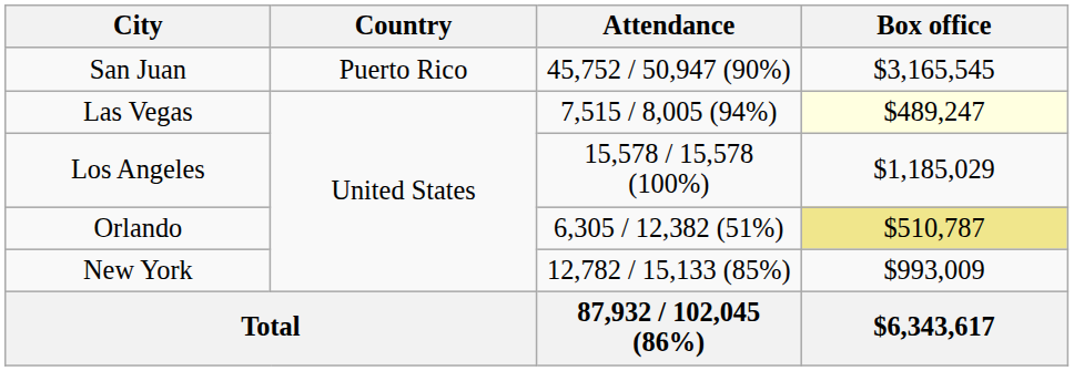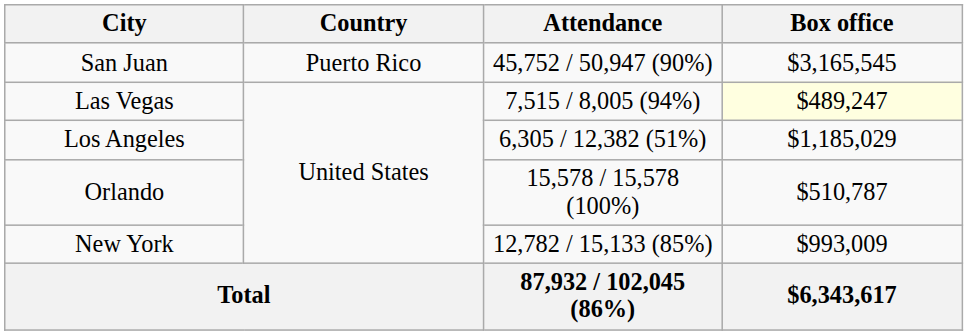 <table class="wikitable" style="text-align:center;">
 <tr>
 <th rowspan="" width="150">City</th>
 <th rowspan="" width="150">Country</th>
 <th colspan="" width="150">Attendance</th>
 <th colspan="" width="150">Box office</th>
 </tr>
 <tr>
 <td>San Juan</td>
 <td>Puerto Rico</td>
 <td>45,752 / 50,947 (90%)</td>
 <td>$3,165,545</td>
 </tr>
 <tr>
 <td>Las Vegas</td>
 <td rowspan="4">United States</td>
 <td>7,515 / 8,005 (94%)</td>
 <td style="background: lightyellow;">$489,247</td>
 </tr>
 <tr>
 <td>Los Angeles</td>
-<td>15,578 / 15,578 (100%)</td>
+<td>6,305 / 12,382 (51%)</td>
 <td>$1,185,029</td>
 </tr>
 <tr>
 <td>Orlando</td>
-<td>6,305 / 12,382 (51%)</td>
-<td style="background: khaki;">$510,787</td>
+<td>15,578 / 15,578 (100%)</td>
+<td>$510,787</td>
 </tr>
 <tr>
 <td>New York</td>
 <td>12,782 / 15,133 (85%)</td>
 <td>$993,009</td>
 </tr>
 <tr>
 <th colspan="2">Total</th>
 <th colspan="">87,932 / 102,045 (86%)</th>
 <th colspan="">$6,343,617</th>
 </tr>
 </table>
